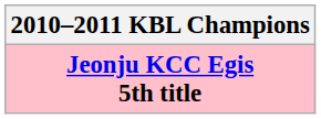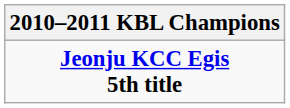 <table class=wikitable style="text-align:center; margin:auto">
 <tr>
 <th>2010–2011 KBL Champions</th>
 </tr>
 <tr>
-<td style="background: pink;"><strong><a href='#'>Jeonju KCC Egis</a></strong><br><strong>5th title</strong></td>
+<td><strong><a href='#'>Jeonju KCC Egis</a></strong><br><strong>5th title</strong></td>
 </tr>
 </table>
